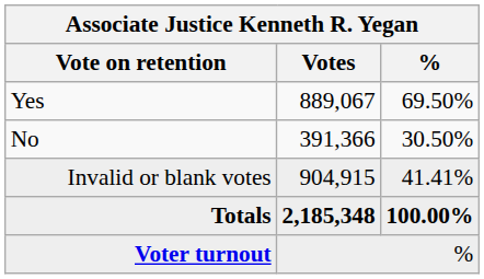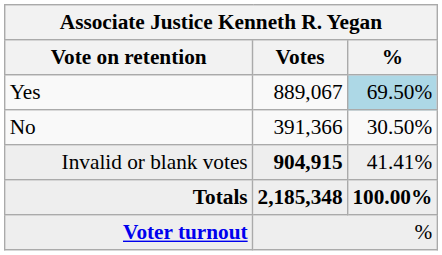 <table class="wikitable" style="font-size: 95%;">
 <tr style="background-color:#E9E9E9">
 <th colspan=7>Associate Justice Kenneth R. Yegan</th>
 </tr>
 <tr style="background-color:#E9E9E9">
 <th style="width: 170px">Vote on retention</th>
 <th style="width: 50px">Votes</th>
 <th style="width: 40px">%</th>
 </tr>
 <tr>
 <td>Yes</td>
 <td align="right">889,067</td>
-<td align="right">69.50%</td>
+<td align="right" style="background: lightblue;">69.50%</td>
 </tr>
 <tr>
 <td>No</td>
 <td align="right">391,366</td>
 <td align="right">30.50%</td>
 </tr>
 <tr bgcolor="#EEEEEE">
 <td align="right">Invalid or blank votes</td>
-<td align="right">904,915</td>
+<td align="right"><strong>904,915</strong></td>
 <td align="right">41.41%</td>
 </tr>
 <tr bgcolor="#EEEEEE">
 <td align="right"><strong>Totals</strong></td>
 <td align="right"><strong>2,185,348</strong></td>
 <td align="right"><strong>100.00%</strong></td>
 </tr>
 <tr bgcolor="#EEEEEE">
 <td align="right"><strong><a href='#'>Voter turnout</a></strong></td>
 <td colspan="2" align="right">%</td>
 </tr>
 </table>
